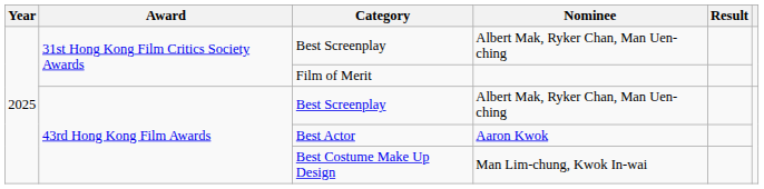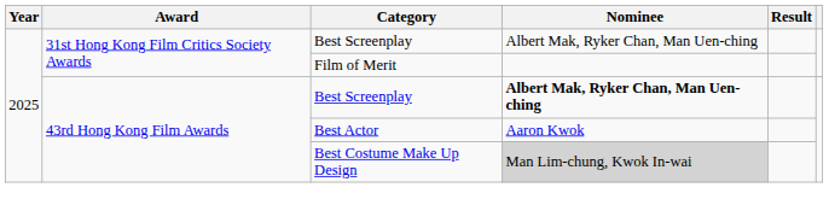 <table class="wikitable plainrowheaders">
 <tr>
 <th>Year</th>
 <th>Award</th>
 <th>Category</th>
 <th>Nominee</th>
 <th>Result</th>
 <th></th>
 </tr>
 <tr>
 <td rowspan="5">2025</td>
 <td rowspan="2"><a href='#'>31st Hong Kong Film Critics Society Awards</a></td>
 <td>Best Screenplay</td>
 <td>Albert Mak, Ryker Chan, Man Uen-ching</td>
 <td></td>
 <td rowspan="2"></td>
 </tr>
 <tr>
 <td>Film of Merit</td>
 <td></td>
 <td></td>
 </tr>
 <tr>
 <td rowspan="3"><a href='#'>43rd Hong Kong Film Awards</a></td>
 <td><a href='#'>Best Screenplay</a></td>
-<td>Albert Mak, Ryker Chan, Man Uen-ching</td>
+<td><strong>Albert Mak, Ryker Chan, Man Uen-ching</strong></td>
 <td></td>
 <td rowspan="3"></td>
 </tr>
 <tr>
 <td><a href='#'>Best Actor</a></td>
 <td><a href='#'>Aaron Kwok</a></td>
 <td></td>
 </tr>
 <tr>
 <td><a href='#'>Best Costume Make Up Design</a></td>
-<td>Man Lim-chung, Kwok In-wai</td>
+<td style="background: lightgrey;">Man Lim-chung, Kwok In-wai</td>
 <td></td>
 </tr>
 </table>
